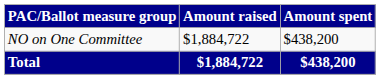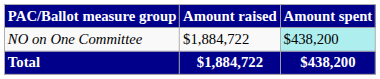 <table class="wikitable">
 <tr>
 <th valign="bottom" style="background-color:#00008B; color: white;">PAC/Ballot measure group</th>
 <th valign="bottom" style="background-color:#00008B; color: white;">Amount raised</th>
 <th valign="bottom" style="background-color:#00008B; color: white;">Amount spent</th>
 </tr>
 <tr>
 <td><em>NO on One Committee</em></td>
 <td>$1,884,722</td>
-<td>$438,200</td>
+<td style="background: paleturquoise;">$438,200</td>
 </tr>
 <tr>
 <td style="background-color:#00008B; color: white;"><strong>Total</strong></td>
 <td style="background-color:#00008B; color: white;" align="center"><strong> $1,884,722</strong></td>
 <td style="background-color:#00008B; color: white;" align="center"><strong> $438,200</strong></td>
 </tr>
 <tr>
 </tr>
 </table>
